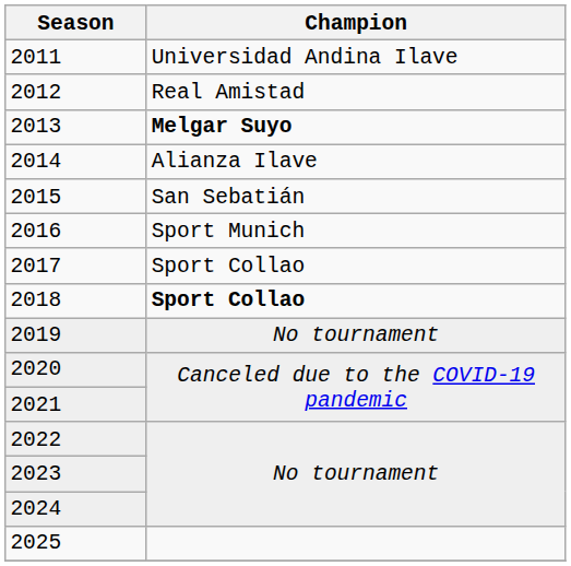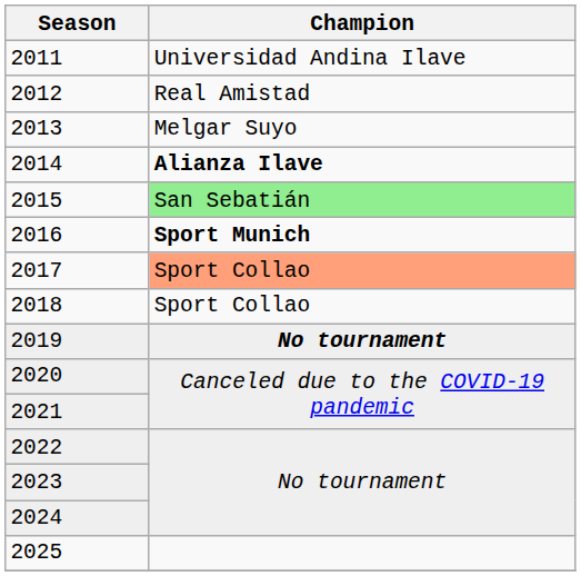 <table class="wikitable sortable">
 <tr>
 <th width=80px>Season</th>
 <th width=250px>Champion</th>
 </tr>
 <tr>
 <td>2011</td>
 <td>Universidad Andina Ilave</td>
 </tr>
 <tr>
 <td>2012</td>
 <td>Real Amistad</td>
 </tr>
 <tr>
 <td>2013</td>
-<td><strong>Melgar Suyo</strong></td>
+<td>Melgar Suyo</td>
 </tr>
 <tr>
 <td>2014</td>
-<td>Alianza Ilave</td>
+<td><strong>Alianza Ilave</strong></td>
 </tr>
 <tr>
 <td>2015</td>
-<td>San Sebatián</td>
+<td style="background: lightgreen;">San Sebatián</td>
 </tr>
 <tr>
 <td>2016</td>
-<td>Sport Munich</td>
+<td><strong>Sport Munich</strong></td>
 </tr>
 <tr>
 <td>2017</td>
-<td>Sport Collao</td>
+<td style="background: lightsalmon;">Sport Collao</td>
 </tr>
 <tr>
 <td>2018</td>
-<td><strong>Sport Collao</strong></td>
+<td>Sport Collao</td>
 </tr>
 <tr bgcolor=#efefef>
 <td>2019</td>
-<td colspan="1" align=center><em>No tournament</em></td>
+<td colspan="1" align=center><strong><em>No tournament</em></strong></td>
 </tr>
 <tr bgcolor=#efefef>
 <td>2020</td>
 <td rowspan=2 colspan="2" align=center><em>Canceled due to the <a href='#'>COVID-19 pandemic</a></em></td>
 </tr>
 <tr bgcolor=#efefef>
 <td>2021</td>
 </tr>
 <tr bgcolor=#efefef>
 <td>2022</td>
 <td rowspan=3 colspan="1" align=center><em>No tournament</em></td>
 </tr>
 <tr bgcolor=#efefef>
 <td>2023</td>
 </tr>
 <tr bgcolor=#efefef>
 <td>2024</td>
 </tr>
 <tr>
 <td>2025</td>
 <td></td>
 </tr>
 <tr>
 </tr>
 </table>
